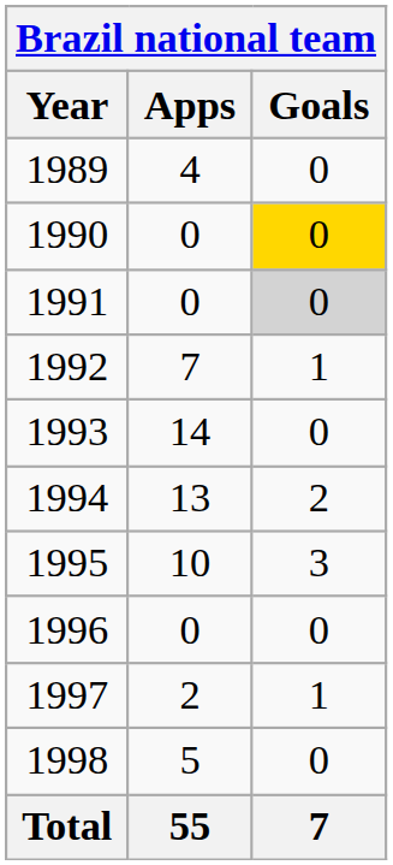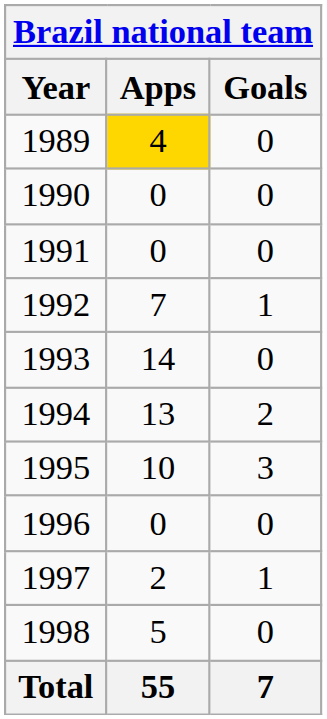 <table class="wikitable" style="text-align:center">
 <tr>
 <th colspan=3><a href='#'>Brazil national team</a></th>
 </tr>
 <tr>
 <th>Year</th>
 <th>Apps</th>
 <th>Goals</th>
 </tr>
 <tr>
 <td>1989</td>
-<td>4</td>
+<td style="background: gold;">4</td>
 <td>0</td>
 </tr>
 <tr>
 <td>1990</td>
 <td>0</td>
-<td style="background: gold;">0</td>
+<td>0</td>
 </tr>
 <tr>
 <td>1991</td>
 <td>0</td>
-<td style="background: lightgrey;">0</td>
+<td>0</td>
 </tr>
 <tr>
 <td>1992</td>
 <td>7</td>
 <td>1</td>
 </tr>
 <tr>
 <td>1993</td>
 <td>14</td>
 <td>0</td>
 </tr>
 <tr>
 <td>1994</td>
 <td>13</td>
 <td>2</td>
 </tr>
 <tr>
 <td>1995</td>
 <td>10</td>
 <td>3</td>
 </tr>
 <tr>
 <td>1996</td>
 <td>0</td>
 <td>0</td>
 </tr>
 <tr>
 <td>1997</td>
 <td>2</td>
 <td>1</td>
 </tr>
 <tr>
 <td>1998</td>
 <td>5</td>
 <td>0</td>
 </tr>
 <tr>
 <th>Total</th>
 <th>55</th>
 <th>7</th>
 </tr>
 </table>
